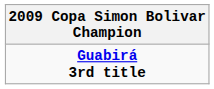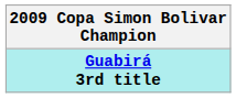 <table class="wikitable" style="text-align: center; margin: 0 auto;">
 <tr>
 <th>2009 Copa Simon Bolivar <br> Champion</th>
 </tr>
 <tr>
-<td><strong><a href='#'>Guabirá</a></strong><br><strong>3rd title </strong></td>
+<td style="background: paleturquoise;"><strong><a href='#'>Guabirá</a></strong><br><strong>3rd title </strong></td>
 </tr>
 </table>
